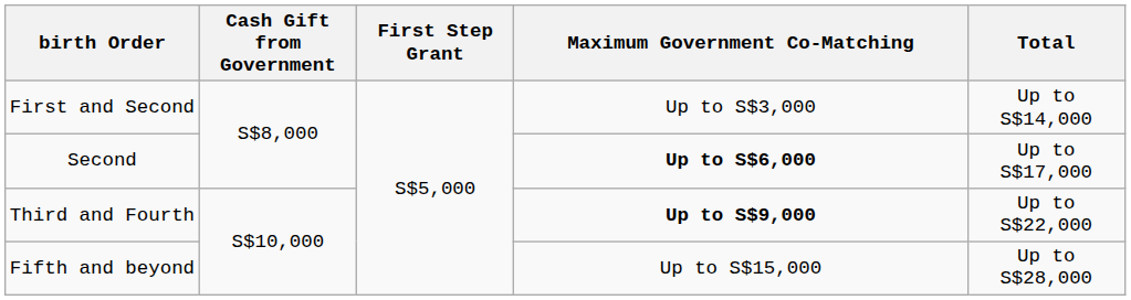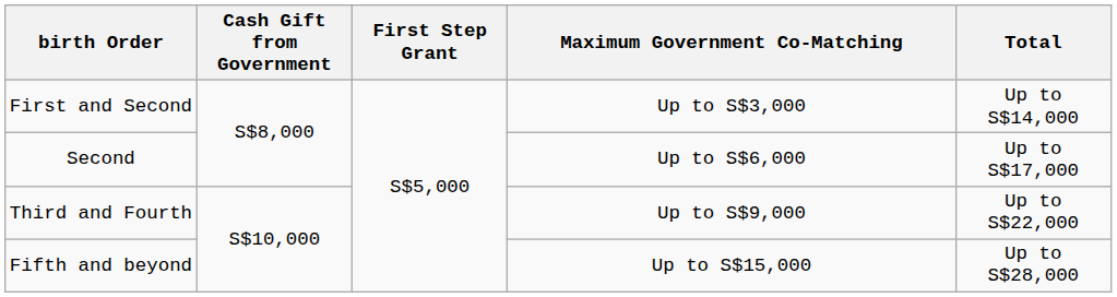 <table class="wikitable" style="text-align: center">
 <tr>
 <th>birth Order</th>
 <th style="width:100px;">Cash Gift from Government</th>
 <th style="width:100px;">First Step Grant</th>
 <th style="width:300px;">Maximum Government Co-Matching</th>
 <th style="width:100px;">Total</th>
 </tr>
 <tr>
 <td>First and Second</td>
 <td rowspan="2">S$8,000</td>
 <td rowspan="4">S$5,000</td>
 <td>Up to S$3,000</td>
 <td>Up to S$14,000</td>
 </tr>
 <tr>
 <td>Second</td>
-<td><strong>Up to S$6,000</strong></td>
+<td>Up to S$6,000</td>
 <td>Up to S$17,000</td>
 </tr>
 <tr>
 <td>Third and Fourth</td>
 <td rowspan="2">S$10,000</td>
-<td><strong>Up to S$9,000</strong></td>
+<td>Up to S$9,000</td>
 <td>Up to S$22,000</td>
 </tr>
 <tr>
 <td>Fifth and beyond</td>
 <td>Up to S$15,000</td>
 <td>Up to S$28,000</td>
 </tr>
 </table>
